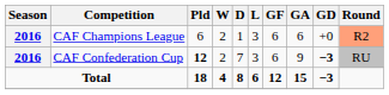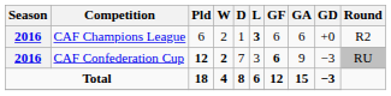 <table class="wikitable plainrowheaders sortable" style="text-align:center;">
 <tr>
 <th scope="col">Season</th>
 <th scope="col">Competition</th>
 <th scope="col">Pld</th>
 <th scope="col">W</th>
 <th scope="col">D</th>
 <th scope="col">L</th>
 <th scope="col">GF</th>
 <th scope="col">GA</th>
 <th scope="col">GD</th>
 <th scope="col">Round</th>
 </tr>
 <tr>
 <th scope="row" style="text-align:center"><a href='#'>2016</a></th>
 <td align=left><a href='#'>CAF Champions League</a></td>
 <td>6</td>
 <td>2</td>
 <td>1</td>
-<td>3</td>
+<td><strong>3</strong></td>
 <td>6</td>
 <td>6</td>
 <td>+0</td>
-<td style="background: lightsalmon;">R2</td>
+<td>R2</td>
 </tr>
 <tr>
 <th scope="row" style="text-align:center"><a href='#'>2016</a></th>
 <td align=left><a href='#'>CAF Confederation Cup</a></td>
 <td><strong>12</strong></td>
-<td>2</td>
+<td><strong>2</strong></td>
 <td>7</td>
 <td>3</td>
-<td>6</td>
+<td><strong>6</strong></td>
 <td>9</td>
-<td><strong>−3</strong></td>
+<td>−3</td>
 <td style="background:silver;">RU</td>
 </tr>
 <tr>
 <td colspan=2 align-"center"><strong>Total</strong></td>
 <td><strong>18</strong></td>
 <td><strong>4</strong></td>
 <td><strong>8</strong></td>
 <td><strong>6</strong></td>
 <td><strong>12</strong></td>
 <td><strong>15</strong></td>
 <td><strong>−3</strong></td>
 </tr>
 <tr>
 </tr>
 </table>
